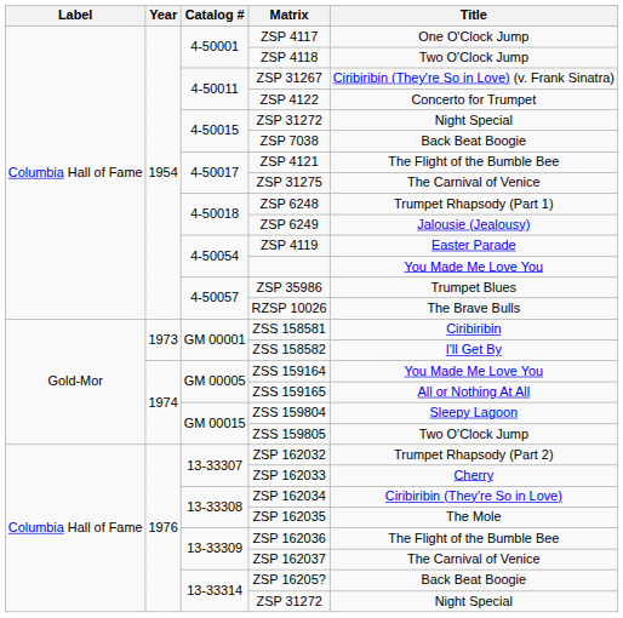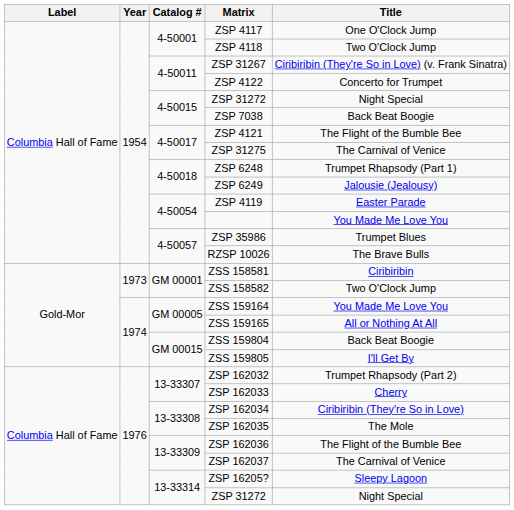 <table class="wikitable sortable" style="text-align:center;">
 <tr>
 <th>Label</th>
 <th>Year</th>
 <th>Catalog #</th>
 <th>Matrix</th>
 <th>Title</th>
 </tr>
 <tr>
 <td rowspan="14"><a href='#'>Columbia</a> Hall of Fame</td>
 <td rowspan="14">1954</td>
 <td rowspan="2">4-50001</td>
 <td>ZSP 4117</td>
 <td>One O'Clock Jump</td>
 </tr>
 <tr>
 <td>ZSP 4118</td>
 <td>Two O'Clock Jump</td>
 </tr>
 <tr>
 <td rowspan="2">4-50011</td>
 <td>ZSP 31267</td>
 <td><a href='#'>Ciribiribin (They're So in Love)</a> (v. Frank Sinatra)</td>
 </tr>
 <tr>
 <td>ZSP 4122</td>
 <td>Concerto for Trumpet</td>
 </tr>
 <tr>
 <td rowspan="2">4-50015</td>
 <td>ZSP 31272</td>
 <td>Night Special</td>
 </tr>
 <tr>
 <td>ZSP 7038</td>
 <td>Back Beat Boogie</td>
 </tr>
 <tr>
 <td rowspan="2">4-50017</td>
 <td>ZSP 4121</td>
 <td>The Flight of the Bumble Bee</td>
 </tr>
 <tr>
 <td>ZSP 31275</td>
 <td>The Carnival of Venice</td>
 </tr>
 <tr>
 <td rowspan="2">4-50018</td>
 <td>ZSP 6248</td>
 <td>Trumpet Rhapsody (Part 1)</td>
 </tr>
 <tr>
 <td>ZSP 6249</td>
 <td><a href='#'>Jalousie (Jealousy)</a></td>
 </tr>
 <tr>
 <td rowspan="2">4-50054</td>
 <td>ZSP 4119</td>
 <td><a href='#'>Easter Parade</a></td>
 </tr>
 <tr>
 <td></td>
 <td><a href='#'>You Made Me Love You</a></td>
 </tr>
 <tr>
 <td rowspan="2">4-50057</td>
 <td>ZSP 35986</td>
 <td>Trumpet Blues</td>
 </tr>
 <tr>
 <td>RZSP 10026</td>
 <td>The Brave Bulls</td>
 </tr>
 <tr>
 <td rowspan="6">Gold-Mor</td>
 <td rowspan="2">1973</td>
 <td rowspan="2">GM 00001</td>
 <td>ZSS 158581</td>
 <td><a href='#'>Ciribiribin</a></td>
 </tr>
 <tr>
 <td>ZSS 158582</td>
-<td><a href='#'>I'll Get By</a></td>
+<td>Two O'Clock Jump</td>
 </tr>
 <tr>
 <td rowspan="4">1974</td>
 <td rowspan="2">GM 00005</td>
 <td>ZSS 159164</td>
 <td><a href='#'>You Made Me Love You</a></td>
 </tr>
 <tr>
 <td>ZSS 159165</td>
 <td><a href='#'>All or Nothing At All</a></td>
 </tr>
 <tr>
 <td rowspan="2">GM 00015</td>
 <td>ZSS 159804</td>
-<td><a href='#'>Sleepy Lagoon</a></td>
+<td>Back Beat Boogie</td>
 </tr>
 <tr>
 <td>ZSS 159805</td>
-<td>Two O'Clock Jump</td>
+<td><a href='#'>I'll Get By</a></td>
 </tr>
 <tr>
 <td rowspan="8"><a href='#'>Columbia</a> Hall of Fame</td>
 <td rowspan="8">1976</td>
 <td rowspan="2">13-33307</td>
 <td>ZSP 162032</td>
 <td>Trumpet Rhapsody (Part 2)</td>
 </tr>
 <tr>
 <td>ZSP 162033</td>
 <td><a href='#'>Cherry</a></td>
 </tr>
 <tr>
 <td rowspan="2">13-33308</td>
 <td>ZSP 162034</td>
 <td><a href='#'>Ciribiribin (They're So in Love)</a></td>
 </tr>
 <tr>
 <td>ZSP 162035</td>
 <td>The Mole</td>
 </tr>
 <tr>
 <td rowspan="2">13-33309</td>
 <td>ZSP 162036</td>
 <td>The Flight of the Bumble Bee</td>
 </tr>
 <tr>
 <td>ZSP 162037</td>
 <td>The Carnival of Venice</td>
 </tr>
 <tr>
 <td rowspan="2">13-33314</td>
 <td>ZSP 16205?</td>
-<td>Back Beat Boogie</td>
+<td><a href='#'>Sleepy Lagoon</a></td>
 </tr>
 <tr>
 <td>ZSP 31272</td>
 <td>Night Special</td>
 </tr>
 </table>
